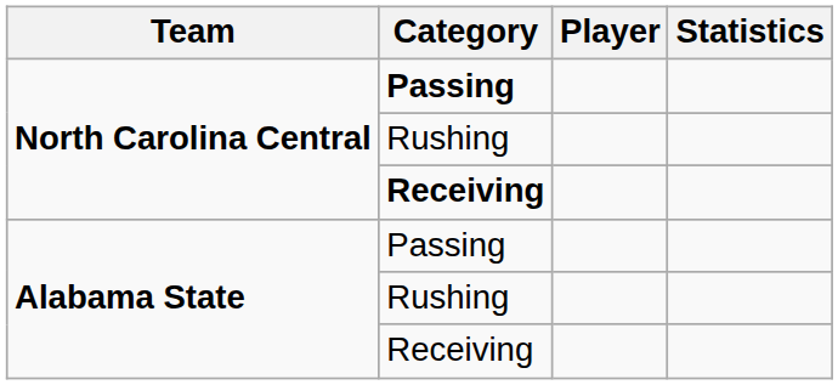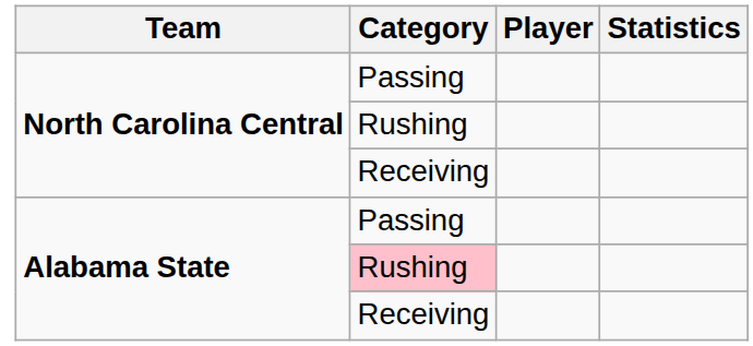 <table class="wikitable" style="float: right;">
 <tr>
 <th>Team</th>
 <th>Category</th>
 <th>Player</th>
 <th>Statistics</th>
 </tr>
 <tr>
 <td rowspan=3><strong>North Carolina Central</strong></td>
-<td><strong>Passing</strong></td>
-<td></td>
-<td></td>
-</tr>
-<tr>
-<td>Rushing</td>
-<td></td>
-<td></td>
-</tr>
-<tr>
-<td><strong>Receiving</strong></td>
-<td></td>
-<td></td>
-</tr>
-<tr>
-<td rowspan=3><strong>Alabama State</strong></td>
 <td>Passing</td>
 <td></td>
 <td></td>
 </tr>
 <tr>
 <td>Rushing</td>
 <td></td>
 <td></td>
 </tr>
 <tr>
 <td>Receiving</td>
 <td></td>
 <td></td>
 </tr>
+<tr>
+<td rowspan=3><strong>Alabama State</strong></td>
+<td>Passing</td>
+<td></td>
+<td></td>
+</tr>
+<tr>
+<td style="background: pink;">Rushing</td>
+<td></td>
+<td></td>
+</tr>
+<tr>
+<td>Receiving</td>
+<td></td>
+<td></td>
+</tr>
 </table>
